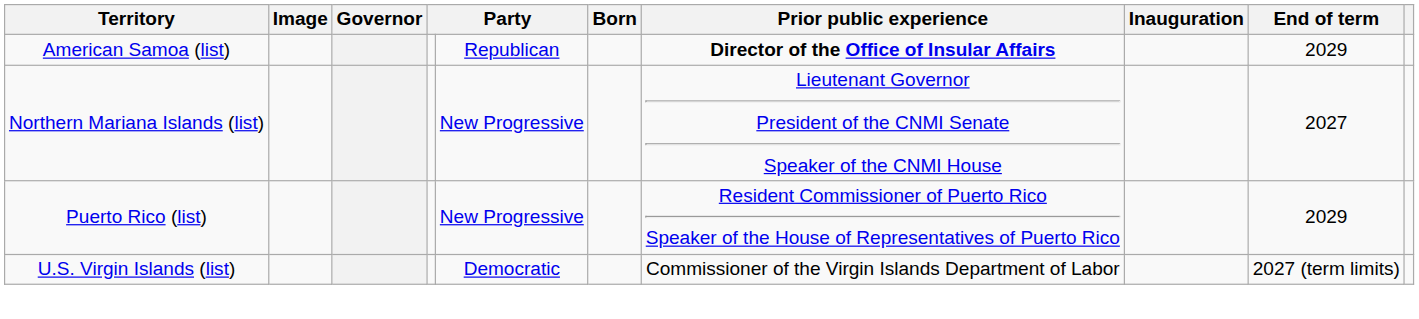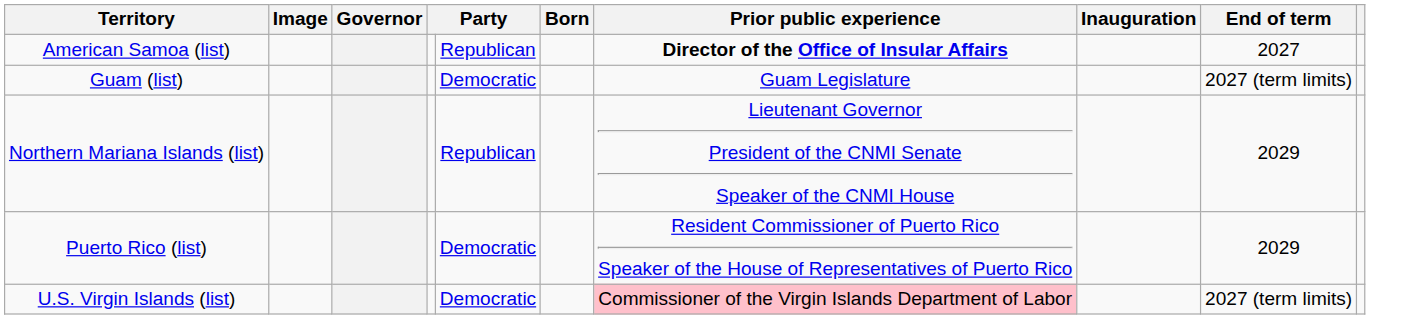 <table class="wikitable sortable" style="text-align:center">
 <tr>
 <th scope="col">Territory</th>
 <th scope="col" class=unsortable>Image</th>
 <th scope="col">Governor</th>
 <th scope="colgroup" colspan=2>Party</th>
 <th scope="col">Born</th>
 <th scope="col" class=unsortable>Prior public experience</th>
 <th scope="col">Inauguration</th>
 <th scope="col">End of term</th>
 <th scope="col" class=unsortable></th>
 </tr>
 <tr>
 <td><a href='#'>American Samoa</a> (<a href='#'>list</a>)</td>
 <td></td>
 <th scope="row"></th>
 <td style="background-color:"></td>
 <td><a href='#'>Republican</a></td>
 <td></td>
 <td><strong>Director of the <a href='#'>Office of Insular Affairs</a></strong></td>
 <td></td>
-<td>2029</td>
+<td>2027</td>
 <td><br></td>
+</tr>
+<tr>
+<td><a href='#'>Guam</a> (<a href='#'>list</a>)</td>
+<td></td>
+<th scope="row"></th>
+<td style="background-color:"></td>
+<td><a href='#'>Democratic</a></td>
+<td></td>
+<td><a href='#'>Guam Legislature</a></td>
+<td></td>
+<td>2027 (term limits)</td>
+<td></td>
 </tr>
 <tr>
 <td><a href='#'>Northern Mariana Islands</a> (<a href='#'>list</a>)</td>
 <td></td>
 <th scope="row"></th>
 <td style="background-color:"></td>
-<td><a href='#'>New Progressive</a></td>
+<td><a href='#'>Republican</a></td>
 <td></td>
 <td><a href='#'>Lieutenant Governor</a><hr><a href='#'>President of the CNMI Senate</a><hr><a href='#'>Speaker of the CNMI House</a></td>
 <td></td>
-<td>2027</td>
+<td>2029</td>
 <td></td>
 </tr>
 <tr>
 <td><a href='#'>Puerto Rico</a> (<a href='#'>list</a>)</td>
 <td></td>
 <th scope="row"></th>
 <td style="background-color:"></td>
-<td><a href='#'>New Progressive</a></td>
+<td><a href='#'>Democratic</a></td>
 <td></td>
 <td><a href='#'>Resident Commissioner of Puerto Rico</a><hr><a href='#'>Speaker of the House of Representatives of Puerto Rico</a></td>
 <td></td>
 <td>2029</td>
 <td></td>
 </tr>
 <tr>
 <td><a href='#'>U.S. Virgin Islands</a> (<a href='#'>list</a>)</td>
 <td></td>
 <th scope="row"></th>
 <td style="background-color:"></td>
 <td><a href='#'>Democratic</a></td>
 <td></td>
-<td>Commissioner of the Virgin Islands Department of Labor</td>
+<td style="background: pink;">Commissioner of the Virgin Islands Department of Labor</td>
 <td></td>
 <td>2027 (term limits)</td>
 <td></td>
 </tr>
 </table>
